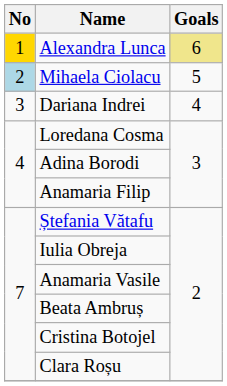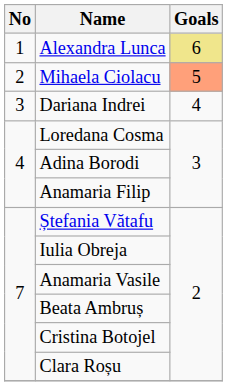 <table class="wikitable sortable" style="text-align: center;">
 <tr>
 <th>No</th>
 <th>Name</th>
 <th>Goals</th>
 </tr>
 <tr>
-<td style="background: gold;">1</td>
+<td>1</td>
 <td align="left"><a href='#'>Alexandra Lunca</a></td>
 <td style="background: khaki;">6</td>
 </tr>
 <tr>
-<td style="background: lightblue;">2</td>
+<td>2</td>
 <td align="left"><a href='#'>Mihaela Ciolacu</a></td>
-<td>5</td>
+<td style="background: lightsalmon;">5</td>
 </tr>
 <tr>
 <td>3</td>
 <td align="left">Dariana Indrei</td>
 <td>4</td>
 </tr>
 <tr>
 <td rowspan=3>4</td>
 <td align="left">Loredana Cosma</td>
 <td rowspan=3>3</td>
 </tr>
 <tr>
 <td align="left">Adina Borodi</td>
 </tr>
 <tr>
 <td align="left">Anamaria Filip</td>
 </tr>
 <tr>
 <td rowspan=6>7</td>
 <td align="left"><a href='#'>Ștefania Vătafu</a></td>
 <td rowspan=6>2</td>
 </tr>
 <tr>
 <td align="left">Iulia Obreja</td>
 </tr>
 <tr>
 <td align="left">Anamaria Vasile</td>
 </tr>
 <tr>
 <td align="left">Beata Ambruș</td>
 </tr>
 <tr>
 <td align="left">Cristina Botojel</td>
 </tr>
 <tr>
 <td align="left">Clara Roșu</td>
 </tr>
 <tr>
 </tr>
 </table>
